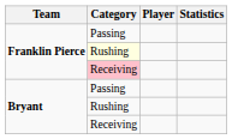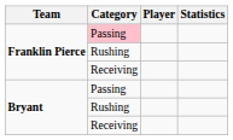 <table class="wikitable" style="float: right;">
 <tr>
 <th>Team</th>
 <th>Category</th>
 <th>Player</th>
 <th>Statistics</th>
 </tr>
 <tr>
 <td rowspan=3><strong>Franklin Pierce</strong></td>
-<td>Passing</td>
+<td style="background: pink;">Passing</td>
 <td></td>
 <td></td>
 </tr>
 <tr>
-<td style="background: lightyellow;">Rushing</td>
+<td>Rushing</td>
 <td></td>
 <td></td>
 </tr>
 <tr>
-<td style="background: pink;">Receiving</td>
+<td>Receiving</td>
 <td></td>
 <td></td>
 </tr>
 <tr>
 <td rowspan=3><strong>Bryant</strong></td>
 <td>Passing</td>
 <td></td>
 <td></td>
 </tr>
 <tr>
 <td>Rushing</td>
 <td></td>
 <td></td>
 </tr>
 <tr>
 <td>Receiving</td>
 <td></td>
 <td></td>
 </tr>
 </table>
